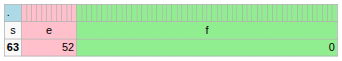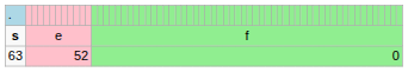 <table class="wikitable"|->
 <tr>
 <td style="background-color: lightblue">.</td>
 <td style="background-color: pink"></td>
 <td style="background-color: pink"></td>
 <td style="background-color: pink"></td>
 <td style="background-color: pink"></td>
 <td style="background-color: pink"></td>
 <td style="background-color: pink"></td>
 <td style="background-color: pink"></td>
 <td style="background-color: pink"></td>
 <td style="background-color: pink"></td>
 <td style="background-color: pink"></td>
 <td style="background-color: pink"></td>
 <td style="background-color: lightgreen"></td>
 <td style="background-color: lightgreen"></td>
 <td style="background-color: lightgreen"></td>
 <td style="background-color: lightgreen"></td>
 <td style="background-color: lightgreen"></td>
 <td style="background-color: lightgreen"></td>
 <td style="background-color: lightgreen"></td>
 <td style="background-color: lightgreen"></td>
 <td style="background-color: lightgreen"></td>
 <td style="background-color: lightgreen"></td>
 <td style="background-color: lightgreen"></td>
 <td style="background-color: lightgreen"></td>
 <td style="background-color: lightgreen"></td>
 <td style="background-color: lightgreen"></td>
 <td style="background-color: lightgreen"></td>
 <td style="background-color: lightgreen"></td>
 <td style="background-color: lightgreen"></td>
 <td style="background-color: lightgreen"></td>
 <td style="background-color: lightgreen"></td>
 <td style="background-color: lightgreen"></td>
 <td style="background-color: lightgreen"></td>
 <td style="background-color: lightgreen"></td>
 <td style="background-color: lightgreen"></td>
 <td style="background-color: lightgreen"></td>
 <td style="background-color: lightgreen"></td>
 <td style="background-color: lightgreen"></td>
 <td style="background-color: lightgreen"></td>
 <td style="background-color: lightgreen"></td>
 <td style="background-color: lightgreen"></td>
 <td style="background-color: lightgreen"></td>
 <td style="background-color: lightgreen"></td>
 <td style="background-color: lightgreen"></td>
 <td style="background-color: lightgreen"></td>
 <td style="background-color: lightgreen"></td>
 <td style="background-color: lightgreen"></td>
 <td style="background-color: lightgreen"></td>
 <td style="background-color: lightgreen"></td>
 <td style="background-color: lightgreen"></td>
 <td style="background-color: lightgreen"></td>
 <td style="background-color: lightgreen"></td>
 <td style="background-color: lightgreen"></td>
 <td style="background-color: lightgreen"></td>
 <td style="background-color: lightgreen"></td>
 <td style="background-color: lightgreen"></td>
 <td style="background-color: lightgreen"></td>
 <td style="background-color: lightgreen"></td>
 <td style="background-color: lightgreen"></td>
 <td style="background-color: lightgreen"></td>
 <td style="background-color: lightgreen"></td>
 <td style="background-color: lightgreen"></td>
 <td style="background-color: lightgreen"></td>
 <td style="background-color: lightgreen"></td>
 </tr>
 <tr>
-<td style="text-align: center;background-color:">s</td>
+<td style="text-align: center;background-color:"><strong>s</strong></td>
 <td style="text-align: center;background-color: pink" colspan="11">e</td>
 <td style="text-align: center;background-color: lightgreen" colspan="53">f</td>
 </tr>
 <tr>
-<td style="text-align: center;background-color:"><strong>63</strong></td>
+<td style="text-align: center;background-color:">63</td>
 <td style="text-align: right;background-color: pink" colspan="11">52</td>
 <td style="text-align: right;background-color: lightgreen" colspan="53">0</td>
 </tr>
 </table>
